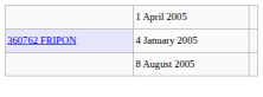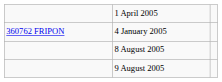 <table class="wikitable" style="font-size: 89%; float: left; width: 25em; margin-right: 1em; line-height: 1.65em !important; height: 100px;">
 <tr>
 <td></td>
 <td>1 April 2005</td>
 <td></td>
 </tr>
 <tr>
-<td style="background: lavender;"><a href='#'>360762 FRIPON</a></td>
+<td><a href='#'>360762 FRIPON</a></td>
 <td>4 January 2005</td>
 <td></td>
 </tr>
 <tr>
 <td></td>
 <td>8 August 2005</td>
 <td></td>
 </tr>
+<tr>
+<td></td>
+<td>9 August 2005</td>
+<td></td>
+</tr>
 </table>
